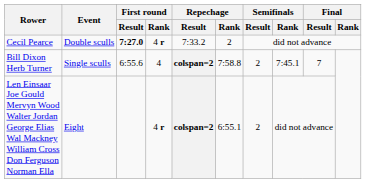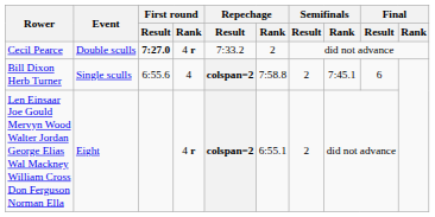 <table class=wikitable style="font-size:90%">
 <tr>
 <th rowspan=2>Rower</th>
 <th rowspan=2>Event</th>
 <th colspan=2>First round</th>
 <th colspan=2>Repechage</th>
 <th colspan=2>Semifinals</th>
 <th colspan=2>Final</th>
 </tr>
 <tr>
 <th>Result</th>
 <th>Rank</th>
 <th>Result</th>
 <th>Rank</th>
 <th>Result</th>
 <th>Rank</th>
 <th>Result</th>
 <th>Rank</th>
 </tr>
 <tr>
 <td><a href='#'>Cecil Pearce</a></td>
 <td><a href='#'>Double sculls</a></td>
 <td align=center><strong>7:27.0</strong></td>
 <td align=center>4 <strong>r</strong></td>
 <td align=center>7:33.2</td>
 <td align=center>2</td>
 <td align=center colspan=4>did not advance</td>
 </tr>
 <tr>
 <td><a href='#'>Bill Dixon</a> <br> <a href='#'>Herb Turner</a></td>
 <td><a href='#'>Single sculls</a></td>
 <td align=center>6:55.6</td>
 <td align=center>4</td>
 <th>colspan=2 </th>
 <td align=center>7:58.8</td>
 <td align=center>2</td>
 <td align=center>7:45.1</td>
-<td align=center>7</td>
+<td align=center>6</td>
 </tr>
 <tr>
 <td><a href='#'>Len Einsaar</a> <br> <a href='#'>Joe Gould</a> <br> <a href='#'>Mervyn Wood</a> <br> <a href='#'>Walter Jordan</a> <br> <a href='#'>George Elias</a> <br> <a href='#'>Wal Mackney</a> <br> <a href='#'>William Cross</a> <br> <a href='#'>Don Ferguson</a> <br> <a href='#'>Norman Ella</a></td>
 <td><a href='#'>Eight</a></td>
 <td align=center></td>
 <td align=center>4 <strong>r</strong></td>
 <th>colspan=2 </th>
 <td align=center>6:55.1</td>
 <td align=center>2</td>
 <td align=center colspan=2>did not advance</td>
 </tr>
 </table>
